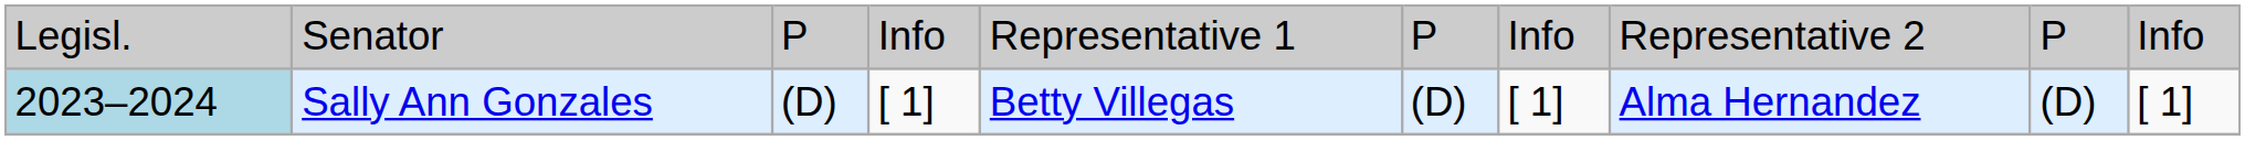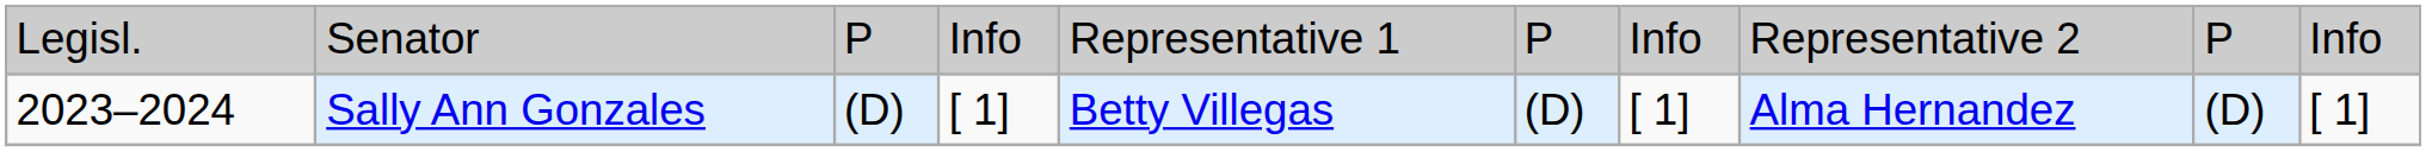 <table class=wikitable width="100%" border="1">
 <tr style="background-color:#cccccc;">
 <td>Legisl.</td>
 <td>Senator</td>
 <td>P</td>
 <td>Info</td>
 <td>Representative 1</td>
 <td>P</td>
 <td>Info</td>
 <td>Representative 2</td>
 <td>P</td>
 <td>Info</td>
 </tr>
 <tr>
-<td style="background: lightblue;">2023–2024</td>
+<td>2023–2024</td>
 <td style="background:#DDEEFF"><a href='#'>Sally Ann Gonzales</a></td>
 <td style="background:#DDEEFF">(D)</td>
 <td>[ 1]</td>
 <td style="background:#DDEEFF"><a href='#'>Betty Villegas</a></td>
 <td style="background:#DDEEFF">(D)</td>
 <td>[ 1]</td>
 <td style="background:#DDEEFF"><a href='#'>Alma Hernandez</a></td>
 <td style="background:#DDEEFF">(D)</td>
 <td>[ 1]</td>
 </tr>
 <tr>
 </tr>
 </table>
